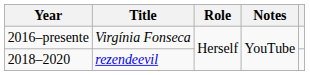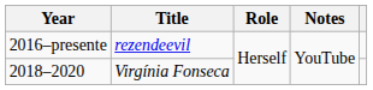 <table class="wikitable">
 <tr>
 <th>Year</th>
 <th>Title</th>
 <th>Role</th>
 <th>Notes</th>
 <th></th>
 </tr>
 <tr>
 <td>2016–presente</td>
-<td><em>Virgínia Fonseca</em></td>
+<td><em><a href='#'>rezendeevil</a></em></td>
 <td rowspan="2">Herself</td>
 <td rowspan="2">YouTube</td>
 <td></td>
 </tr>
 <tr>
 <td>2018–2020</td>
-<td><em><a href='#'>rezendeevil</a></em></td>
+<td><em>Virgínia Fonseca</em></td>
 <td></td>
 </tr>
 </table>
